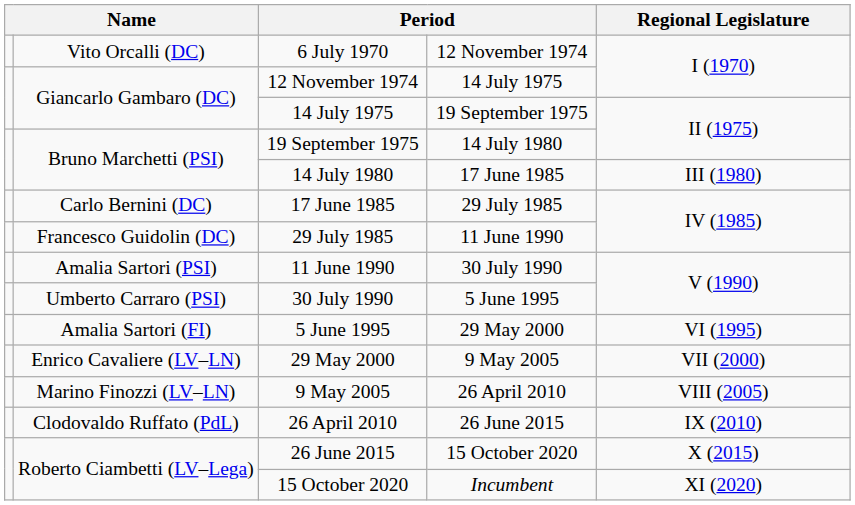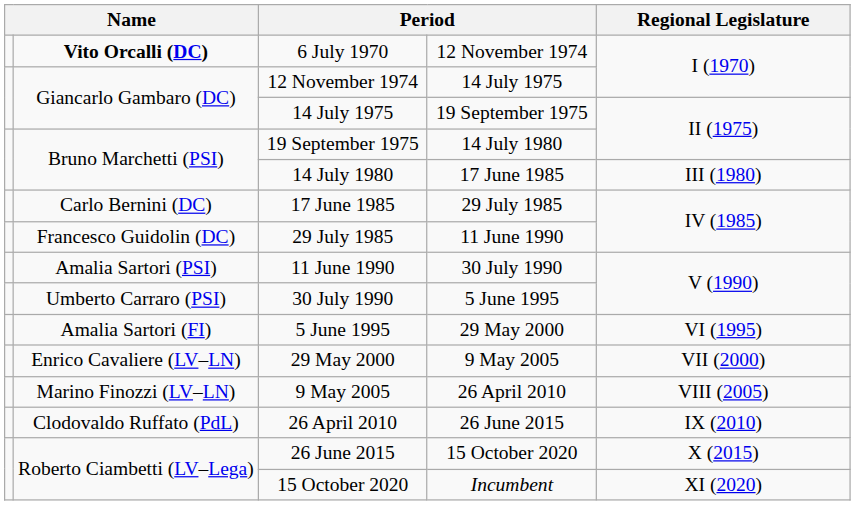 <table class="wikitable">
 <tr>
 <th width="30%" colspan=2>Name</th>
 <th width="40%" colspan=2>Period</th>
 <th width="30%">Regional Legislature</th>
 </tr>
 <tr align=center>
 <td style="background:"></td>
-<td>Vito Orcalli (<a href='#'>DC</a>)</td>
+<td><strong>Vito Orcalli (<a href='#'>DC</a>)</strong></td>
 <td>6 July 1970</td>
 <td>12 November 1974</td>
 <td rowspan=2>I (<a href='#'>1970</a>)</td>
 </tr>
 <tr align=center>
 <td rowspan=2 style="background:"></td>
 <td rowspan=2>Giancarlo Gambaro (<a href='#'>DC</a>)</td>
 <td>12 November 1974</td>
 <td>14 July 1975</td>
 </tr>
 <tr align=center>
 <td>14 July 1975</td>
 <td>19 September 1975</td>
 <td rowspan=2>II (<a href='#'>1975</a>)</td>
 </tr>
 <tr align=center>
 <td rowspan=2 style="background:"></td>
 <td rowspan=2>Bruno Marchetti (<a href='#'>PSI</a>)</td>
 <td>19 September 1975</td>
 <td>14 July 1980</td>
 </tr>
 <tr align=center>
 <td>14 July 1980</td>
 <td>17 June 1985</td>
 <td>III (<a href='#'>1980</a>)</td>
 </tr>
 <tr align=center>
 <td style="background:"></td>
 <td>Carlo Bernini (<a href='#'>DC</a>)</td>
 <td>17 June 1985</td>
 <td>29 July 1985</td>
 <td rowspan=2>IV (<a href='#'>1985</a>)</td>
 </tr>
 <tr align=center>
 <td style="background:"></td>
 <td>Francesco Guidolin (<a href='#'>DC</a>)</td>
 <td>29 July 1985</td>
 <td>11 June 1990</td>
 </tr>
 <tr align=center>
 <td style="background:"></td>
 <td>Amalia Sartori (<a href='#'>PSI</a>)</td>
 <td>11 June 1990</td>
 <td>30 July 1990</td>
 <td rowspan=2>V (<a href='#'>1990</a>)</td>
 </tr>
 <tr align=center>
 <td style="background:"></td>
 <td>Umberto Carraro (<a href='#'>PSI</a>)</td>
 <td>30 July 1990</td>
 <td>5 June 1995</td>
 </tr>
 <tr align=center>
 <td style="background:"></td>
 <td>Amalia Sartori (<a href='#'>FI</a>)</td>
 <td>5 June 1995</td>
 <td>29 May 2000</td>
 <td>VI (<a href='#'>1995</a>)</td>
 </tr>
 <tr align=center>
 <td style="background:"></td>
 <td>Enrico Cavaliere (<a href='#'>LV</a>–<a href='#'>LN</a>)</td>
 <td>29 May 2000</td>
 <td>9 May 2005</td>
 <td>VII (<a href='#'>2000</a>)</td>
 </tr>
 <tr align=center>
 <td style="background:"></td>
 <td>Marino Finozzi (<a href='#'>LV</a>–<a href='#'>LN</a>)</td>
 <td>9 May 2005</td>
 <td>26 April 2010</td>
 <td>VIII (<a href='#'>2005</a>)</td>
 </tr>
 <tr align=center>
 <td style="background:"></td>
 <td>Clodovaldo Ruffato (<a href='#'>PdL</a>)</td>
 <td>26 April 2010</td>
 <td>26 June 2015</td>
 <td>IX (<a href='#'>2010</a>)</td>
 </tr>
 <tr align=center>
 <td rowspan=2 style="background:"></td>
 <td rowspan=2>Roberto Ciambetti (<a href='#'>LV</a>–<a href='#'>Lega</a>)</td>
 <td>26 June 2015</td>
 <td>15 October 2020</td>
 <td>X (<a href='#'>2015</a>)</td>
 </tr>
 <tr align=center>
 <td>15 October 2020</td>
 <td><em>Incumbent</em></td>
 <td>XI (<a href='#'>2020</a>)</td>
 </tr>
 </table>
